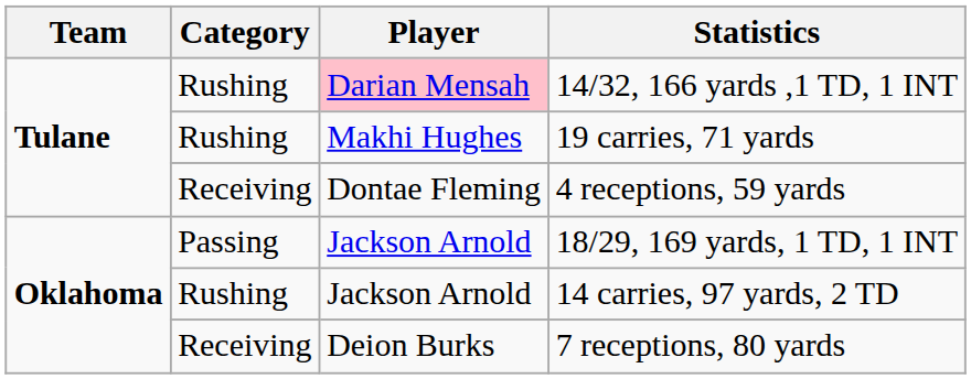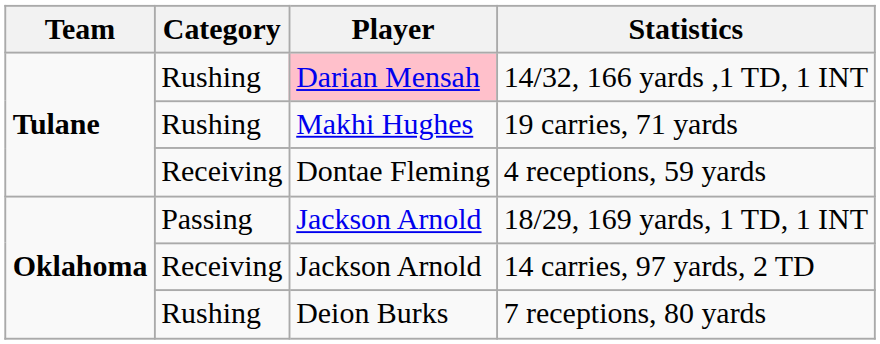 <table class="wikitable" style="float: right;">
 <tr>
 <th>Team</th>
 <th>Category</th>
 <th>Player</th>
 <th>Statistics</th>
 </tr>
 <tr>
 <td rowspan=3><strong>Tulane</strong></td>
 <td>Rushing</td>
 <td style="background: pink;"><a href='#'>Darian Mensah</a></td>
 <td>14/32, 166 yards ,1 TD, 1 INT</td>
 </tr>
 <tr>
 <td>Rushing</td>
 <td><a href='#'>Makhi Hughes</a></td>
 <td>19 carries, 71 yards</td>
 </tr>
 <tr>
 <td>Receiving</td>
 <td>Dontae Fleming</td>
 <td>4 receptions, 59 yards</td>
 </tr>
 <tr>
 <td rowspan=3><strong>Oklahoma</strong></td>
 <td>Passing</td>
 <td><a href='#'>Jackson Arnold</a></td>
 <td>18/29, 169 yards, 1 TD, 1 INT</td>
 </tr>
 <tr>
-<td>Rushing</td>
+<td>Receiving</td>
 <td>Jackson Arnold</td>
 <td>14 carries, 97 yards, 2 TD</td>
 </tr>
 <tr>
-<td>Receiving</td>
+<td>Rushing</td>
 <td>Deion Burks</td>
 <td>7 receptions, 80 yards</td>
 </tr>
 </table>
